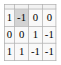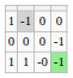 <table class="wikitable" style="text-align:center">
 <tr>
 <th></th>
 <th></th>
 <th></th>
 <th></th>
 </tr>
 <tr>
 <td>1</td>
 <td style="background: lightgrey;">-1</td>
 <td>0</td>
 <td>0</td>
 </tr>
 <tr>
 <td>0</td>
 <td>0</td>
-<td>1</td>
+<td>0</td>
 <td>-1</td>
 </tr>
 <tr>
 <td>1</td>
 <td>1</td>
-<td>-1</td>
-<td>-1</td>
+<td>-0</td>
+<td style="background: lightgreen;">-1</td>
 </tr>
 </table>
